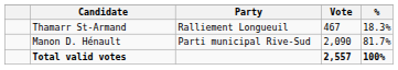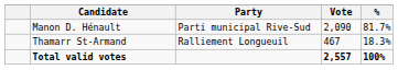 <table class="wikitable">
 <tr>
 </tr>
 <tr>
 <th bgcolor="#DDDDFF" width="30px"></th>
 <th bgcolor="#DDDDFF" width="200px">Candidate</th>
 <th bgcolor="#DDDDFF" width="200px">Party</th>
 <th bgcolor="#DDDDFF" width="50px">Vote</th>
 <th bgcolor="#DDDDFF" width="30px">%</th>
 </tr>
 <tr>
 <td> </td>
+<td>Manon D. Hénault</td>
+<td>Parti municipal Rive-Sud</td>
+<td>2,090</td>
+<td>81.7%</td>
+</tr>
+<tr>
+<td> </td>
 <td>Thamarr St-Armand</td>
 <td>Ralliement Longueuil</td>
 <td>467</td>
 <td>18.3%</td>
-</tr>
-<tr>
-<td> </td>
-<td>Manon D. Hénault</td>
-<td>Parti municipal Rive-Sud</td>
-<td>2,090</td>
-<td>81.7%</td>
 </tr>
 <tr>
 <td> </td>
 <td><strong>Total valid votes</strong></td>
 <td></td>
 <td><strong>2,557</strong></td>
 <td><strong>100%</strong></td>
 </tr>
 </table>
